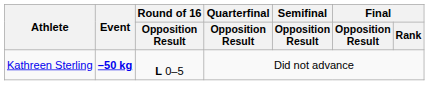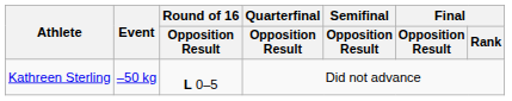 <table class=wikitable style=font-size:90%;text-align:center>
 <tr>
 <th rowspan=2>Athlete</th>
 <th rowspan=2>Event</th>
 <th>Round of 16</th>
 <th>Quarterfinal</th>
 <th>Semifinal</th>
 <th colspan=2>Final</th>
 </tr>
 <tr style=font-size:95%>
 <th>Opposition<br>Result</th>
 <th>Opposition<br>Result</th>
 <th>Opposition<br>Result</th>
 <th>Opposition<br>Result</th>
 <th>Rank</th>
 </tr>
 <tr>
 <td align=left><a href='#'>Kathreen Sterling</a></td>
-<td align=left><strong><a href='#'>–50 kg</a></strong></td>
+<td align=left><a href='#'>–50 kg</a></td>
 <td><br><strong>L</strong> 0–5</td>
 <td colspan=4>Did not advance</td>
 </tr>
 </table>
